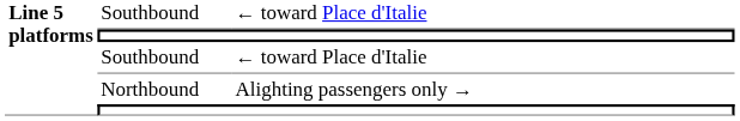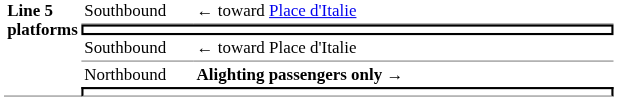 <table border=0 cellspacing=0 cellpadding=3>
 <tr>
 <td style="border-bottom:solid 1px gray;" width=50 rowspan=10 valign=top><strong>Line 5 platforms</strong></td>
 <td style="border-bottom:solid 1px gray;" width=100>Southbound</td>
 <td style="border-bottom:solid 1px gray;" width=390>←   toward <a href='#'>Place d'Italie</a> </td>
 </tr>
 <tr>
 <td style="border-top:solid 2px black;border-right:solid 2px black;border-left:solid 2px black;border-bottom:solid 2px black;text-align:center;" colspan=2></td>
 </tr>
 <tr>
 <td style="border-bottom:solid 1px gray;" width=100>Southbound</td>
 <td style="border-bottom:solid 1px gray;" width=390>←   toward Place d'Italie </td>
 </tr>
 <tr>
 <td>Northbound</td>
-<td>   Alighting passengers only →</td>
+<td><strong>   Alighting passengers only →</strong></td>
 </tr>
 <tr>
 <td style="border-top:solid 2px black;border-right:solid 2px black;border-left:solid 2px black;border-bottom:solid 1px gray;text-align:center;" colspan=2></td>
 </tr>
 </table>
